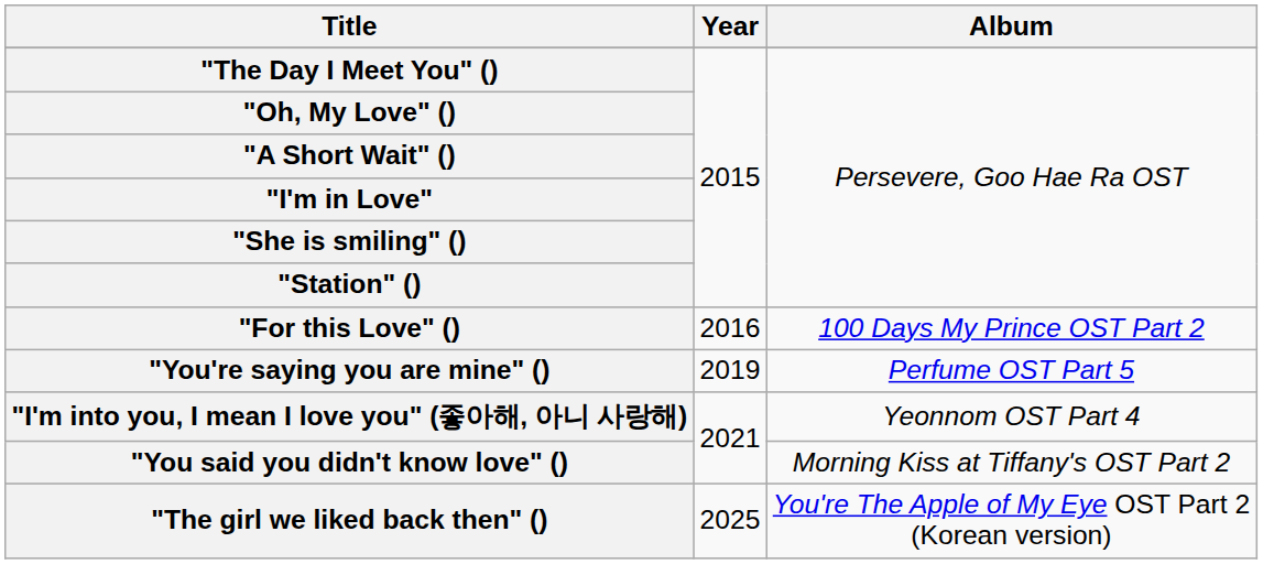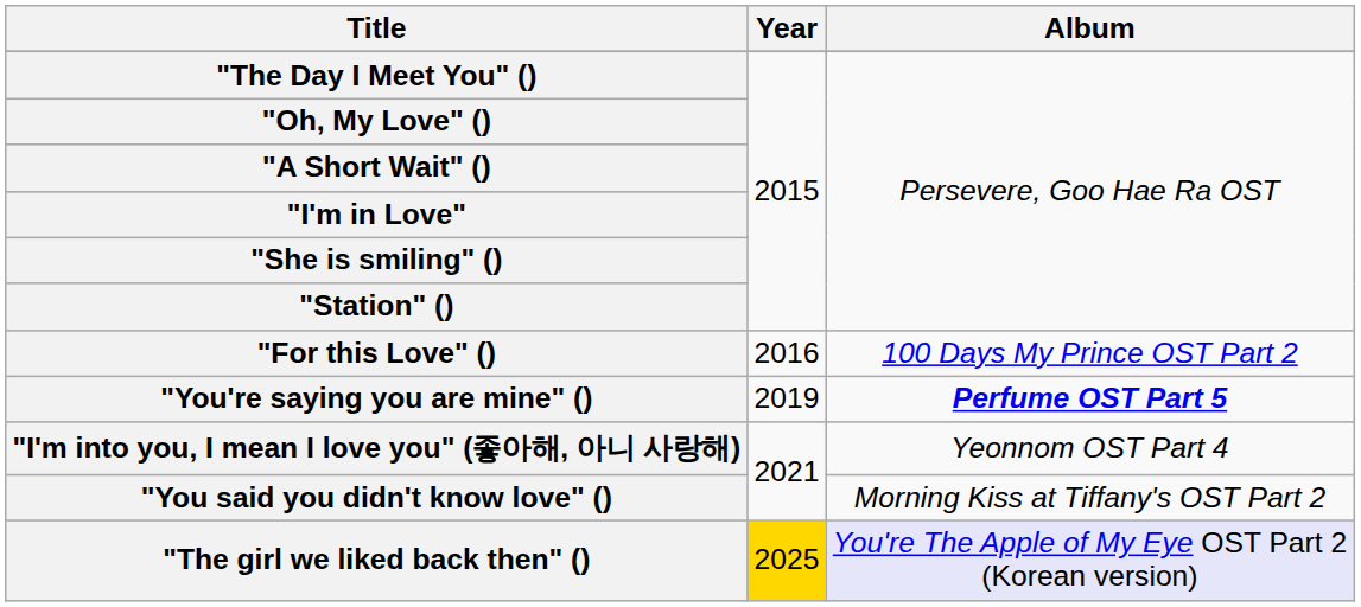 <table class="wikitable plainrowheaders" style="text-align:center;">
 <tr>
 <th scope="col">Title</th>
 <th scope="col">Year</th>
 <th scope="col">Album</th>
 </tr>
 <tr>
 </tr>
 <tr>
 <th scope="row">"The Day I Meet You" ()<br></th>
 <td rowspan="6">2015</td>
 <td rowspan="6"><em>Persevere, Goo Hae Ra OST</em></td>
 </tr>
 <tr>
 <th scope="row">"Oh, My Love" ()<br></th>
 </tr>
 <tr>
 <th scope="row">"A Short Wait" ()<br></th>
 </tr>
 <tr>
 <th scope="row">"I'm in Love"<br></th>
 </tr>
 <tr>
 <th scope="row">"She is smiling" ()<br></th>
 </tr>
 <tr>
 <th scope="row">"Station" ()<br></th>
 </tr>
 <tr>
 <th scope="row">"For this Love" ()</th>
 <td>2016</td>
 <td><em><a href='#'>100 Days My Prince OST Part 2</a></em></td>
 </tr>
 <tr>
 <th scope="row">"You're saying you are mine" ()</th>
 <td>2019</td>
-<td><em><a href='#'>Perfume OST Part 5</a></em></td>
+<td><strong><em><a href='#'>Perfume OST Part 5</a></em></strong></td>
 </tr>
 <tr>
 <th scope="row">"I'm into you, I mean I love you" (좋아해, 아니 사랑해)</th>
 <td rowspan="2">2021</td>
 <td><em>Yeonnom OST Part 4</em></td>
 </tr>
 <tr>
 <th scope="row">"You said you didn't know love" ()</th>
 <td><em>Morning Kiss at Tiffany's OST Part 2</em></td>
 </tr>
 <tr>
 <th scope="row">"The girl we liked back then" ()<br></th>
-<td>2025</td>
-<td><em><a href='#'>You're The Apple of My Eye</a></em> OST Part 2<em><br></em>(Korean version)<em></td>
+<td style="background: gold;">2025</td>
+<td style="background: lavender;"><em><a href='#'>You're The Apple of My Eye</a></em> OST Part 2<em><br></em>(Korean version)<em></td>
 </tr>
 </table>
